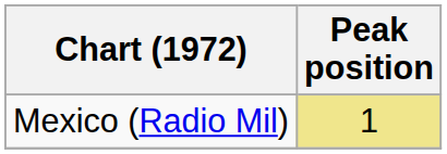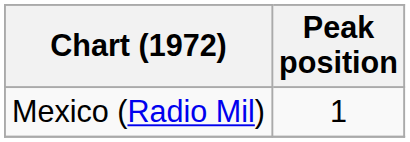 <table class="wikitable sortable">
 <tr>
 <th>Chart (1972)</th>
 <th>Peak<br>position</th>
 </tr>
 <tr>
 <td>Mexico (<a href='#'>Radio Mil</a>)</td>
-<td style="background: khaki; text-align:center;">1</td>
+<td style="text-align:center;">1</td>
 </tr>
 <tr>
 </tr>
 </table>
